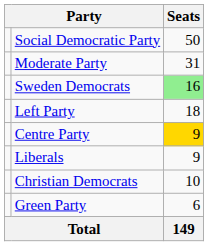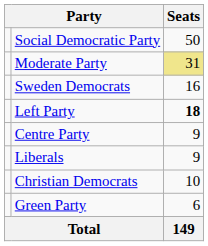 <table class="wikitable">
 <tr>
 <th colspan="2">Party</th>
 <th>Seats</th>
 </tr>
 <tr>
 <td></td>
 <td><a href='#'>Social Democratic Party</a></td>
 <td align="right">50</td>
 </tr>
 <tr>
 <td></td>
 <td><a href='#'>Moderate Party</a></td>
-<td align="right">31</td>
+<td align="right" style="background: khaki;">31</td>
 </tr>
 <tr>
 <td></td>
 <td><a href='#'>Sweden Democrats</a></td>
-<td align="right" style="background: lightgreen;">16</td>
+<td align="right">16</td>
 </tr>
 <tr>
 <td></td>
 <td><a href='#'>Left Party</a></td>
-<td align="right">18</td>
+<td align="right"><strong>18</strong></td>
 </tr>
 <tr>
 <td></td>
 <td><a href='#'>Centre Party</a></td>
-<td align="right" style="background: gold;">9</td>
+<td align="right">9</td>
 </tr>
 <tr>
 <td></td>
 <td><a href='#'>Liberals</a></td>
 <td align="right">9</td>
 </tr>
 <tr>
 <td></td>
 <td><a href='#'>Christian Democrats</a></td>
 <td align="right">10</td>
 </tr>
 <tr>
 <td></td>
 <td><a href='#'>Green Party</a></td>
 <td align="right">6</td>
 </tr>
 <tr>
 <th colspan="2">Total</th>
 <th align="right">149</th>
 </tr>
 </table>
